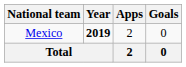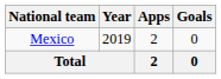 <table class="wikitable" style="text-align: center;">
 <tr>
 <th>National team</th>
 <th>Year</th>
 <th>Apps</th>
 <th>Goals</th>
 </tr>
 <tr>
 <td rowspan="1" valign="center"><a href='#'>Mexico</a></td>
-<td><strong>2019</strong></td>
+<td>2019</td>
 <td>2</td>
 <td>0</td>
 </tr>
 <tr>
 <th colspan="2">Total</th>
 <th>2</th>
 <th>0</th>
 </tr>
 </table>
